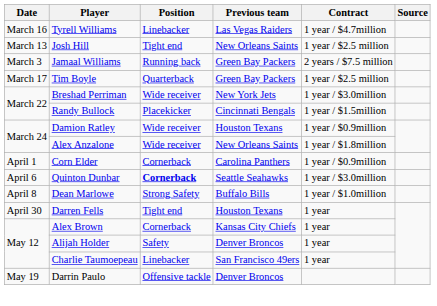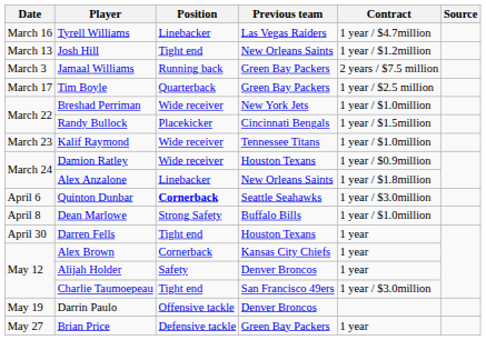 <table class="wikitable">
 <tr>
 <th>Date</th>
 <th>Player</th>
 <th>Position</th>
 <th>Previous team</th>
 <th>Contract</th>
 <th>Source</th>
 </tr>
 <tr>
 <td>March 16</td>
 <td><a href='#'>Tyrell Williams</a></td>
 <td><a href='#'>Linebacker</a></td>
 <td><a href='#'>Las Vegas Raiders</a></td>
 <td>1 year / $4.7million</td>
 <td></td>
 </tr>
 <tr>
 <td>March 13</td>
 <td><a href='#'>Josh Hill</a></td>
 <td><a href='#'>Tight end</a></td>
 <td><a href='#'>New Orleans Saints</a></td>
-<td>1 year / $2.5 million</td>
+<td>1 year / $1.2million</td>
 <td></td>
 </tr>
 <tr>
 <td>March 3</td>
 <td><a href='#'>Jamaal Williams</a></td>
 <td><a href='#'>Running back</a></td>
 <td><a href='#'>Green Bay Packers</a></td>
 <td>2 years / $7.5 million</td>
 <td></td>
 </tr>
 <tr>
 <td>March 17</td>
 <td><a href='#'>Tim Boyle</a></td>
 <td><a href='#'>Quarterback</a></td>
 <td><a href='#'>Green Bay Packers</a></td>
 <td>1 year / $2.5 million</td>
 <td></td>
 </tr>
 <tr>
 <td rowspan=2>March 22</td>
 <td><a href='#'>Breshad Perriman</a></td>
 <td><a href='#'>Wide receiver</a></td>
 <td><a href='#'>New York Jets</a></td>
-<td>1 year / $3.0million</td>
+<td>1 year / $1.0million</td>
 <td></td>
 </tr>
 <tr>
 <td><a href='#'>Randy Bullock</a></td>
 <td><a href='#'>Placekicker</a></td>
 <td><a href='#'>Cincinnati Bengals</a></td>
 <td>1 year / $1.5million</td>
+<td></td>
+</tr>
+<tr>
+<td>March 23</td>
+<td><a href='#'>Kalif Raymond</a></td>
+<td><a href='#'>Wide receiver</a></td>
+<td><a href='#'>Tennessee Titans</a></td>
+<td>1 year / $1.0million</td>
 <td></td>
 </tr>
 <tr>
 <td rowspan="2">March 24</td>
 <td><a href='#'>Damion Ratley</a></td>
 <td><a href='#'>Wide receiver</a></td>
 <td><a href='#'>Houston Texans</a></td>
 <td>1 year / $0.9million</td>
 <td rowspan="2"></td>
 </tr>
 <tr>
 <td><a href='#'>Alex Anzalone</a></td>
-<td><a href='#'>Wide receiver</a></td>
+<td><a href='#'>Linebacker</a></td>
 <td><a href='#'>New Orleans Saints</a></td>
 <td>1 year / $1.8million</td>
-</tr>
-<tr>
-<td>April 1</td>
-<td><a href='#'>Corn Elder</a></td>
-<td><a href='#'>Cornerback</a></td>
-<td><a href='#'>Carolina Panthers</a></td>
-<td>1 year / $0.9million</td>
-<td></td>
 </tr>
 <tr>
 <td>April 6</td>
 <td><a href='#'>Quinton Dunbar</a></td>
 <td><strong><a href='#'>Cornerback</a></strong></td>
 <td><a href='#'>Seattle Seahawks</a></td>
 <td>1 year / $3.0million</td>
 <td></td>
 </tr>
 <tr>
 <td>April 8</td>
 <td><a href='#'>Dean Marlowe</a></td>
 <td><a href='#'>Strong Safety</a></td>
 <td><a href='#'>Buffalo Bills</a></td>
 <td>1 year / $1.0million</td>
 <td></td>
 </tr>
 <tr>
 <td>April 30</td>
 <td><a href='#'>Darren Fells</a></td>
 <td><a href='#'>Tight end</a></td>
 <td><a href='#'>Houston Texans</a></td>
 <td>1 year</td>
 <td rowspan=4></td>
 </tr>
 <tr>
 <td May 12 rowspan="3">May 12</td>
 <td><a href='#'>Alex Brown</a></td>
 <td><a href='#'>Cornerback</a></td>
 <td><a href='#'>Kansas City Chiefs</a></td>
 <td>1 year</td>
 </tr>
 <tr>
 <td><a href='#'>Alijah Holder</a></td>
 <td><a href='#'>Safety</a></td>
 <td><a href='#'>Denver Broncos</a></td>
 <td>1 year</td>
 </tr>
 <tr>
 <td><a href='#'>Charlie Taumoepeau</a></td>
-<td><a href='#'>Linebacker</a></td>
+<td><a href='#'>Tight end</a></td>
 <td><a href='#'>San Francisco 49ers</a></td>
-<td>1 year</td>
+<td>1 year / $3.0million</td>
 </tr>
 <tr>
 <td>May 19</td>
 <td>Darrin Paulo</td>
 <td><a href='#'>Offensive tackle</a></td>
 <td><a href='#'>Denver Broncos</a></td>
 <td></td>
 <td></td>
 </tr>
+<tr>
+<td>May 27</td>
+<td><a href='#'>Brian Price</a></td>
+<td><a href='#'>Defensive tackle</a></td>
+<td><a href='#'>Green Bay Packers</a></td>
+<td>1 year</td>
+<td></td>
+</tr>
 </table>
